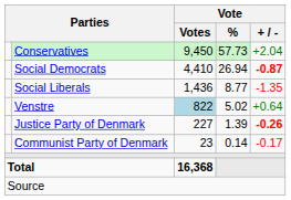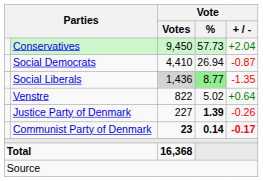 <table class="wikitable" style="text-align:right;">
 <tr>
 <th style="text-align:centre;" rowspan="2" colspan="2" width="225">Parties</th>
 <th colspan="3">Vote</th>
 </tr>
 <tr>
 <th width="15">Votes</th>
 <th width="15">%</th>
 <th width="15">+ / -</th>
 </tr>
 <tr>
 <td width="2" style="color:inherit;background:"></td>
 <td bgcolor=#ccf7cc  align="left"><a href='#'>Conservatives</a></td>
 <td bgcolor=#ccf7cc>9,450</td>
 <td bgcolor=#ccf7cc>57.73</td>
 <td style=color:green;>+2.04</td>
 </tr>
 <tr>
 <td width="2" style="color:inherit;background:"></td>
 <td align="left"><a href='#'>Social Democrats</a></td>
 <td>4,410</td>
 <td>26.94</td>
-<td style=color:red;><strong>-0.87</strong></td>
+<td style=color:red;>-0.87</td>
 </tr>
 <tr>
 <td width="2" style="color:inherit;background:"></td>
 <td align="left"><a href='#'>Social Liberals</a></td>
-<td>1,436</td>
-<td>8.77</td>
+<td style="background: lightgrey;">1,436</td>
+<td style="background: lightgreen;">8.77</td>
 <td style=color:red;>-1.35</td>
 </tr>
 <tr>
 <td width="2" style="color:inherit;background:"></td>
 <td align="left"><a href='#'>Venstre</a></td>
-<td style="background: lightblue;">822</td>
+<td>822</td>
 <td>5.02</td>
 <td style=color:green;>+0.64</td>
 </tr>
 <tr>
 <td width="2" style="color:inherit;background:"></td>
 <td align="left"><a href='#'>Justice Party of Denmark</a></td>
 <td>227</td>
-<td>1.39</td>
-<td style=color:red;><strong>-0.26</strong></td>
+<td><strong>1.39</strong></td>
+<td style=color:red;>-0.26</td>
 </tr>
 <tr>
 <td width="2" style="color:inherit;background:"></td>
 <td align="left"><a href='#'>Communist Party of Denmark</a></td>
-<td>23</td>
-<td>0.14</td>
-<td style=color:red;>-0.17</td>
+<td><strong>23</strong></td>
+<td><strong>0.14</strong></td>
+<td style=color:red;><strong>-0.17</strong></td>
 </tr>
 <tr>
 <td colspan="7" bgcolor="#E9E9E9"></td>
 </tr>
 <tr>
 <td align="left" colspan="2"><strong>Total</strong></td>
 <td><strong>16,368</strong></td>
 <td bgcolor="#E9E9E9" colspan="2"></td>
 </tr>
 <tr>
 <td align="left" colspan="6">Source</td>
 </tr>
 </table>
